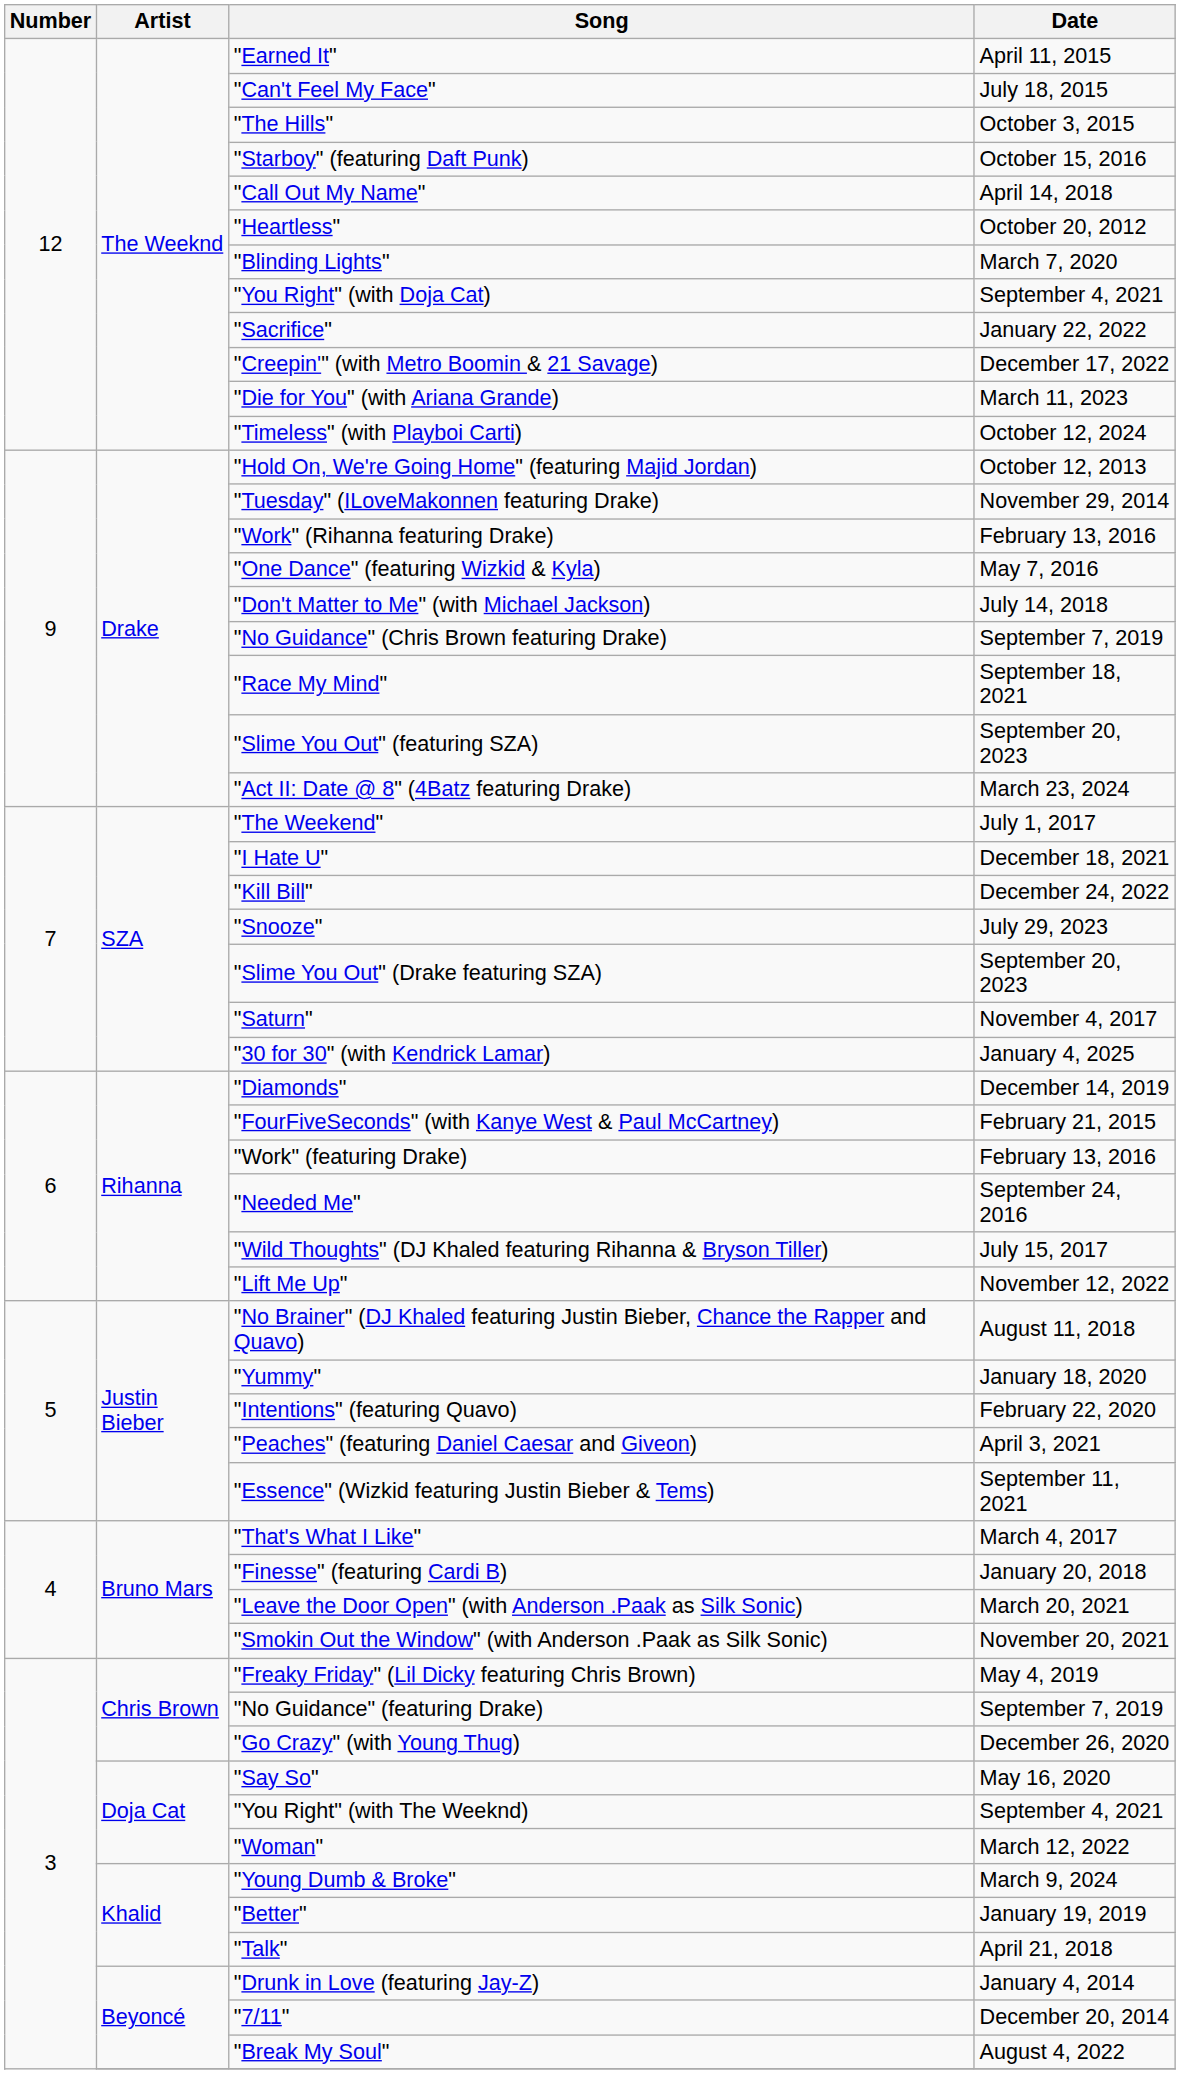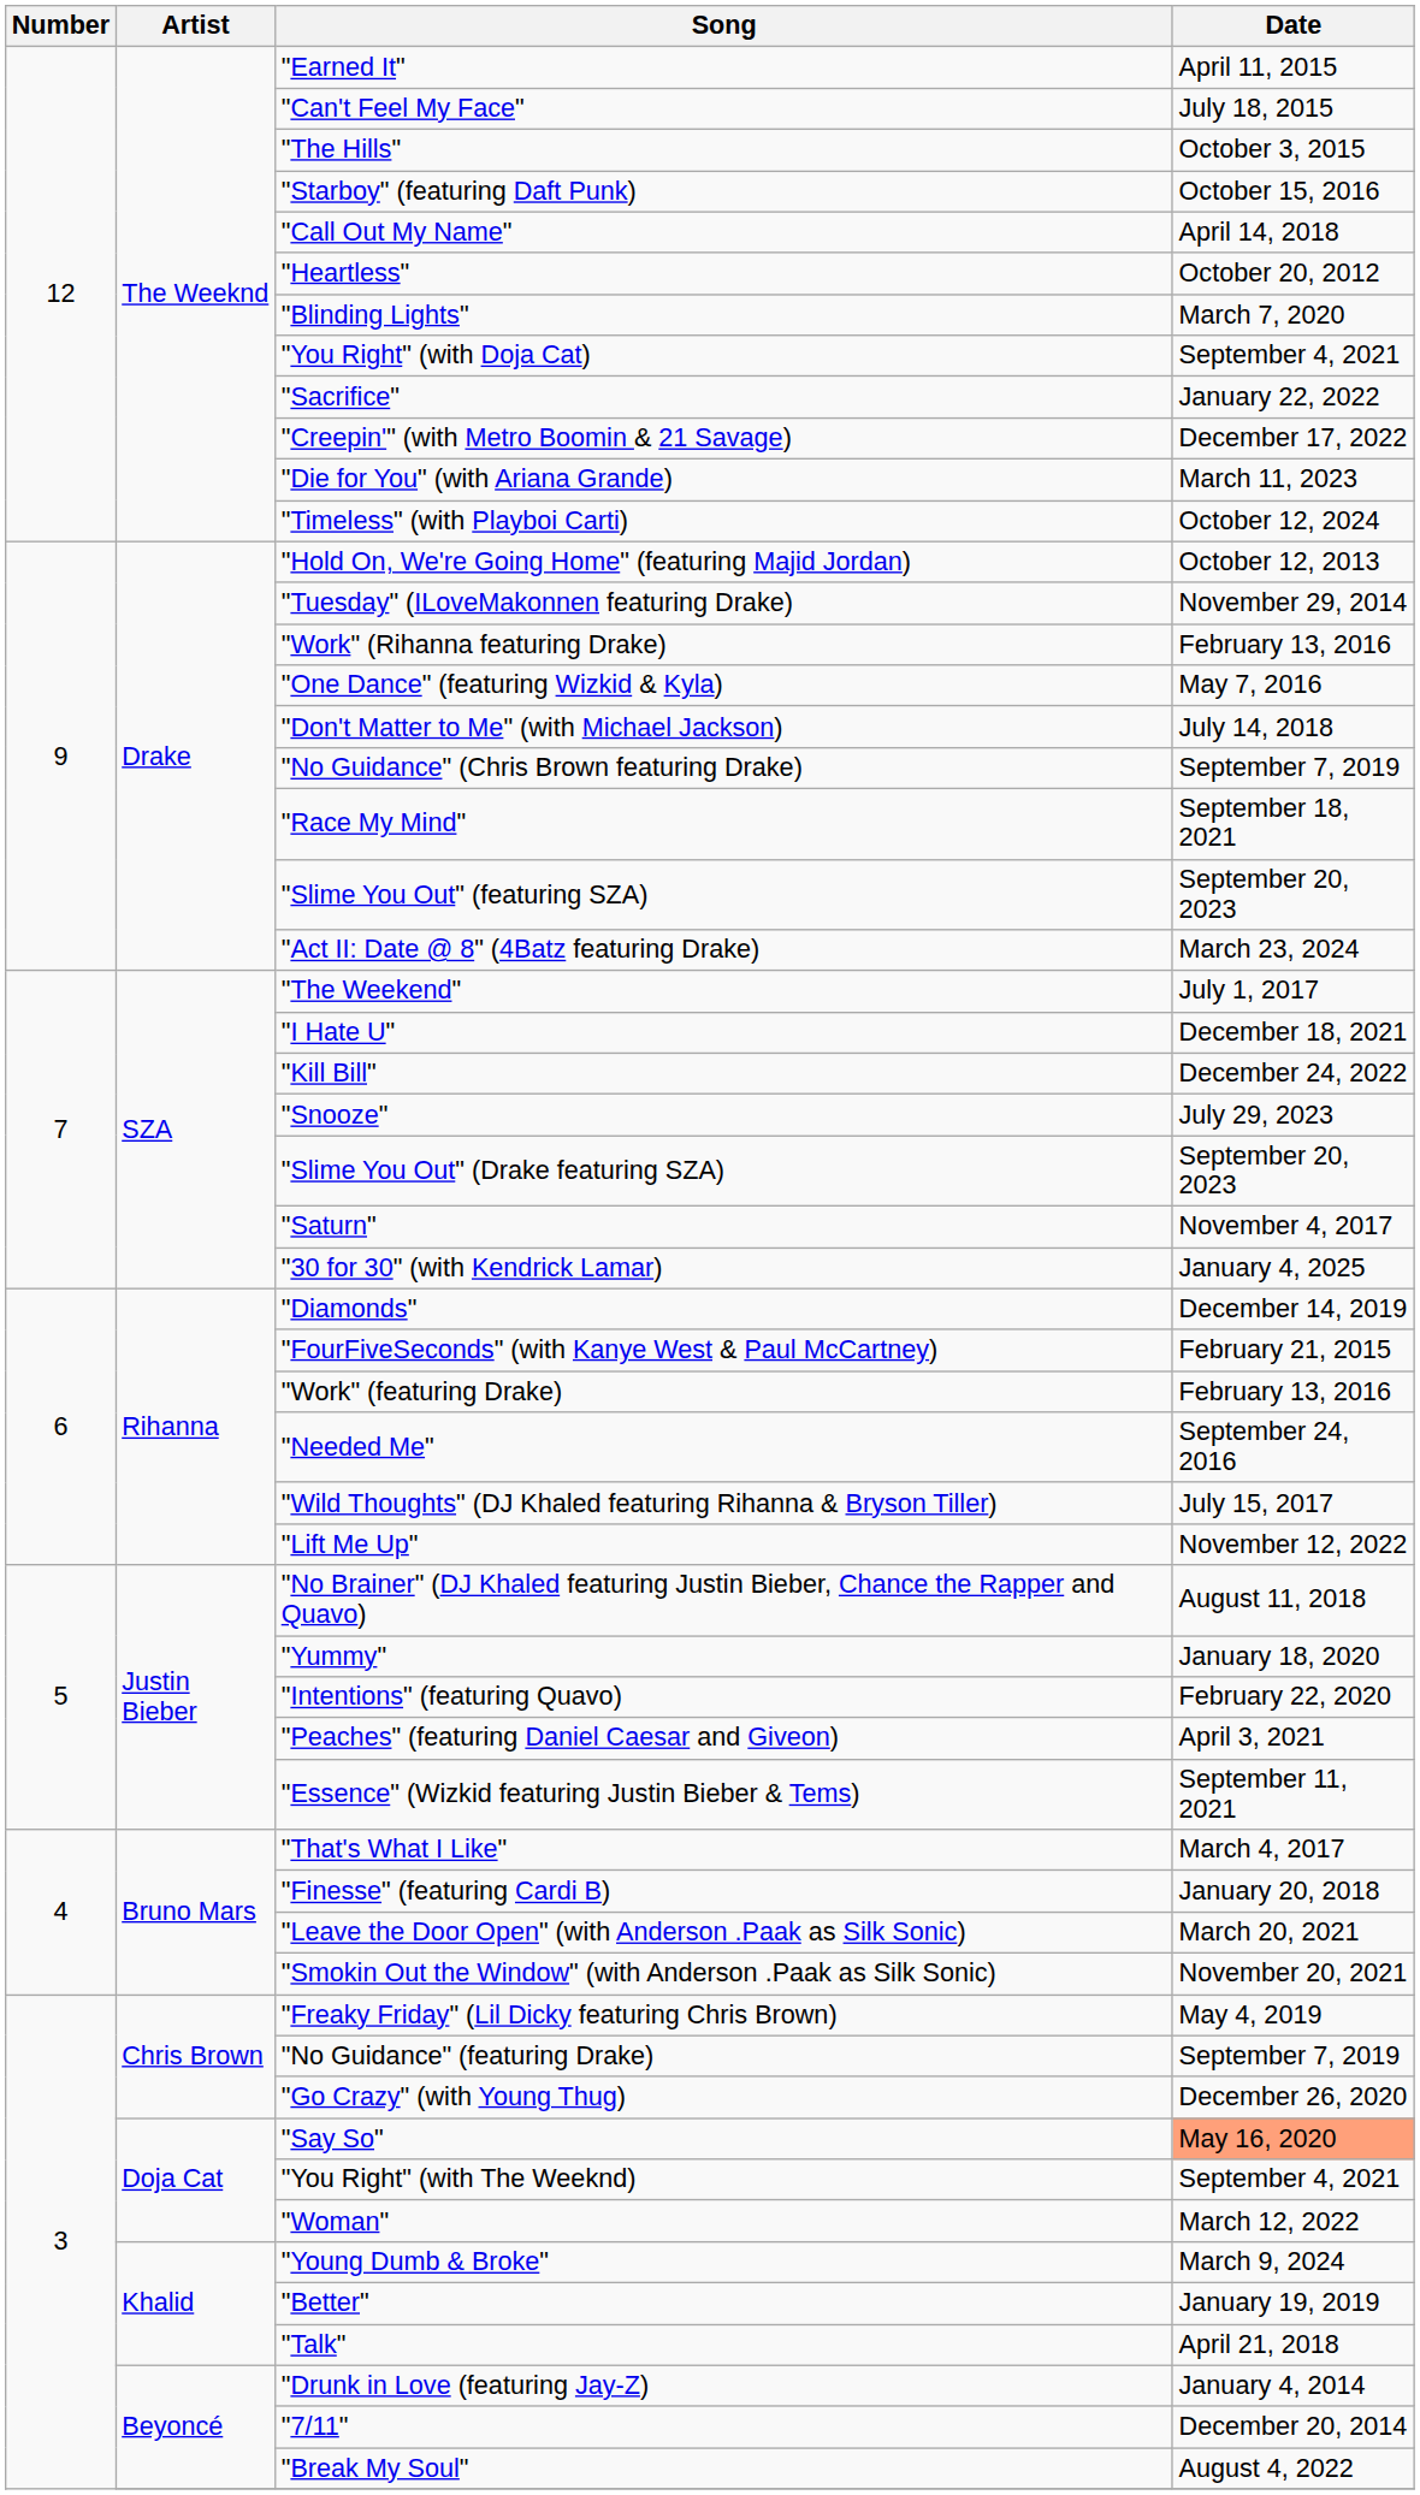 <table class="wikitable">
 <tr>
 <th>Number</th>
 <th>Artist</th>
 <th>Song</th>
 <th>Date</th>
 </tr>
 <tr>
 <td style="text-align:center;"rowspan="12">12</td>
 <td rowspan="12"><a href='#'>The Weeknd</a></td>
 <td>"<a href='#'>Earned It</a>"</td>
 <td>April 11, 2015</td>
 </tr>
 <tr>
 <td>"<a href='#'>Can't Feel My Face</a>"</td>
 <td>July 18, 2015</td>
 </tr>
 <tr>
 <td>"<a href='#'>The Hills</a>"</td>
 <td>October 3, 2015</td>
 </tr>
 <tr>
 <td>"<a href='#'>Starboy</a>" (featuring <a href='#'>Daft Punk</a>)</td>
 <td>October 15, 2016</td>
 </tr>
 <tr>
 <td>"<a href='#'>Call Out My Name</a>"</td>
 <td>April 14, 2018</td>
 </tr>
 <tr>
 <td>"<a href='#'>Heartless</a>"</td>
 <td>October 20, 2012</td>
 </tr>
 <tr>
 <td>"<a href='#'>Blinding Lights</a>"</td>
 <td>March 7, 2020</td>
 </tr>
 <tr>
 <td>"<a href='#'>You Right</a>" (with <a href='#'>Doja Cat</a>)</td>
 <td>September 4, 2021</td>
 </tr>
 <tr>
 <td>"<a href='#'>Sacrifice</a>"</td>
 <td>January 22, 2022</td>
 </tr>
 <tr>
 <td>"<a href='#'>Creepin'</a>" (with <a href='#'>Metro Boomin </a> & <a href='#'>21 Savage</a>)</td>
 <td>December 17, 2022</td>
 </tr>
 <tr>
 <td>"<a href='#'>Die for You</a>" (with <a href='#'>Ariana Grande</a>)</td>
 <td>March 11, 2023</td>
 </tr>
 <tr>
 <td>"<a href='#'>Timeless</a>" (with <a href='#'>Playboi Carti</a>)</td>
 <td>October 12, 2024</td>
 </tr>
 <tr>
 <td rowspan="9" style="text-align:center;">9</td>
 <td rowspan="9"><a href='#'>Drake</a></td>
 <td>"<a href='#'>Hold On, We're Going Home</a>" (featuring <a href='#'>Majid Jordan</a>)</td>
 <td>October 12, 2013</td>
 </tr>
 <tr>
 <td>"<a href='#'>Tuesday</a>" (<a href='#'>ILoveMakonnen</a> featuring Drake)</td>
 <td>November 29, 2014</td>
 </tr>
 <tr>
 <td>"<a href='#'>Work</a>" (Rihanna featuring Drake)</td>
 <td>February 13, 2016</td>
 </tr>
 <tr>
 <td>"<a href='#'>One Dance</a>" (featuring <a href='#'>Wizkid</a> & <a href='#'>Kyla</a>)</td>
 <td>May 7, 2016</td>
 </tr>
 <tr>
 <td>"<a href='#'>Don't Matter to Me</a>" (with <a href='#'>Michael Jackson</a>)</td>
 <td>July 14, 2018</td>
 </tr>
 <tr>
 <td>"<a href='#'>No Guidance</a>" (Chris Brown featuring Drake)</td>
 <td>September 7, 2019</td>
 </tr>
 <tr>
 <td>"<a href='#'>Race My Mind</a>"</td>
 <td>September 18, 2021</td>
 </tr>
 <tr>
 <td>"<a href='#'>Slime You Out</a>" (featuring SZA)</td>
 <td>September 20, 2023</td>
 </tr>
 <tr>
 <td>"<a href='#'>Act II: Date @ 8</a>" (<a href='#'>4Batz</a> featuring Drake)</td>
 <td>March 23, 2024</td>
 </tr>
 <tr>
 <td style="text-align:center;"rowspan="7">7</td>
 <td rowspan="7"><a href='#'>SZA</a></td>
 <td>"<a href='#'>The Weekend</a>"</td>
 <td>July 1, 2017</td>
 </tr>
 <tr>
 <td>"<a href='#'>I Hate U</a>"</td>
 <td>December 18, 2021</td>
 </tr>
 <tr>
 <td>"<a href='#'>Kill Bill</a>"</td>
 <td>December 24, 2022</td>
 </tr>
 <tr>
 <td>"<a href='#'>Snooze</a>"</td>
 <td>July 29, 2023</td>
 </tr>
 <tr>
 <td>"<a href='#'>Slime You Out</a>" (Drake featuring SZA)</td>
 <td>September 20, 2023</td>
 </tr>
 <tr>
 <td>"<a href='#'>Saturn</a>"</td>
 <td>November 4, 2017</td>
 </tr>
 <tr>
 <td>"<a href='#'>30 for 30</a>" (with <a href='#'>Kendrick Lamar</a>)</td>
 <td>January 4, 2025</td>
 </tr>
 <tr>
 <td style="text-align:center;"rowspan="6">6</td>
 <td rowspan="6"><a href='#'>Rihanna</a></td>
 <td>"<a href='#'>Diamonds</a>"</td>
 <td>December 14, 2019</td>
 </tr>
 <tr>
 <td>"<a href='#'>FourFiveSeconds</a>" (with <a href='#'>Kanye West</a> & <a href='#'>Paul McCartney</a>)</td>
 <td>February 21, 2015</td>
 </tr>
 <tr>
 <td>"Work" (featuring Drake)</td>
 <td>February 13, 2016</td>
 </tr>
 <tr>
 <td>"<a href='#'>Needed Me</a>"</td>
 <td>September 24, 2016</td>
 </tr>
 <tr>
 <td>"<a href='#'>Wild Thoughts</a>" (DJ Khaled featuring Rihanna & <a href='#'>Bryson Tiller</a>)</td>
 <td>July 15, 2017</td>
 </tr>
 <tr>
 <td>"<a href='#'>Lift Me Up</a>"</td>
 <td>November 12, 2022</td>
 </tr>
 <tr>
 <td style="text-align:center;"rowspan="5">5</td>
 <td rowspan="5"><a href='#'>Justin Bieber</a></td>
 <td>"<a href='#'>No Brainer</a>" (<a href='#'>DJ Khaled</a> featuring Justin Bieber, <a href='#'>Chance the Rapper</a> and <a href='#'>Quavo</a>)</td>
 <td>August 11, 2018</td>
 </tr>
 <tr>
 <td>"<a href='#'>Yummy</a>"</td>
 <td>January 18, 2020</td>
 </tr>
 <tr>
 <td>"<a href='#'>Intentions</a>" (featuring Quavo)</td>
 <td>February 22, 2020</td>
 </tr>
 <tr>
 <td>"<a href='#'>Peaches</a>" (featuring <a href='#'>Daniel Caesar</a> and <a href='#'>Giveon</a>)</td>
 <td>April 3, 2021</td>
 </tr>
 <tr>
 <td>"<a href='#'>Essence</a>" (Wizkid featuring Justin Bieber & <a href='#'>Tems</a>)</td>
 <td>September 11, 2021</td>
 </tr>
 <tr>
 <td style="text-align:center;"rowspan="4">4</td>
 <td rowspan="4"><a href='#'>Bruno Mars</a></td>
 <td>"<a href='#'>That's What I Like</a>"</td>
 <td>March 4, 2017</td>
 </tr>
 <tr>
 <td>"<a href='#'>Finesse</a>" (featuring <a href='#'>Cardi B</a>)</td>
 <td>January 20, 2018</td>
 </tr>
 <tr>
 <td>"<a href='#'>Leave the Door Open</a>" (with <a href='#'>Anderson .Paak</a> as <a href='#'>Silk Sonic</a>)</td>
 <td>March 20, 2021</td>
 </tr>
 <tr>
 <td>"<a href='#'>Smokin Out the Window</a>" (with Anderson .Paak as Silk Sonic)</td>
 <td>November 20, 2021</td>
 </tr>
 <tr>
 <td style="text-align:center;"rowspan="15">3</td>
 <td rowspan="3"><a href='#'>Chris Brown</a></td>
 <td>"<a href='#'>Freaky Friday</a>" (<a href='#'>Lil Dicky</a> featuring Chris Brown)</td>
 <td>May 4, 2019</td>
 </tr>
 <tr>
 <td>"No Guidance" (featuring Drake)</td>
 <td>September 7, 2019</td>
 </tr>
 <tr>
 <td>"<a href='#'>Go Crazy</a>" (with <a href='#'>Young Thug</a>)</td>
 <td>December 26, 2020</td>
 </tr>
 <tr>
 <td rowspan="3"><a href='#'>Doja Cat</a></td>
 <td>"<a href='#'>Say So</a>"</td>
-<td>May 16, 2020</td>
+<td style="background: lightsalmon;">May 16, 2020</td>
 </tr>
 <tr>
 <td>"You Right" (with The Weeknd)</td>
 <td>September 4, 2021</td>
 </tr>
 <tr>
 <td>"<a href='#'>Woman</a>"</td>
 <td>March 12, 2022</td>
 </tr>
 <tr>
 <td rowspan="3"><a href='#'>Khalid</a></td>
 <td>"<a href='#'>Young Dumb & Broke</a>"</td>
 <td>March 9, 2024</td>
 </tr>
 <tr>
 <td>"<a href='#'>Better</a>"</td>
 <td>January 19, 2019</td>
 </tr>
 <tr>
 <td>"<a href='#'>Talk</a>"</td>
 <td>April 21, 2018</td>
 </tr>
 <tr>
 <td rowspan="3"><a href='#'>Beyoncé</a></td>
 <td>"<a href='#'>Drunk in Love</a> (featuring <a href='#'>Jay-Z</a>)</td>
 <td>January 4, 2014</td>
 </tr>
 <tr>
 <td>"<a href='#'>7/11</a>"</td>
 <td>December 20, 2014</td>
 </tr>
 <tr>
 <td>"<a href='#'>Break My Soul</a>"</td>
 <td>August 4, 2022</td>
 </tr>
 <tr>
 </tr>
 </table>
